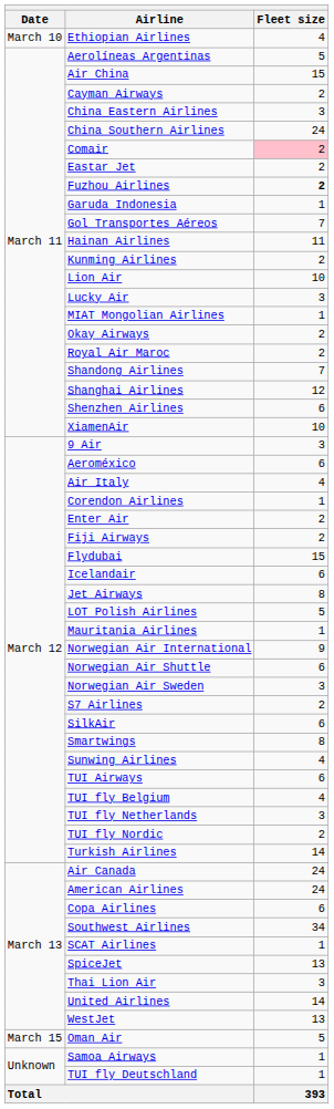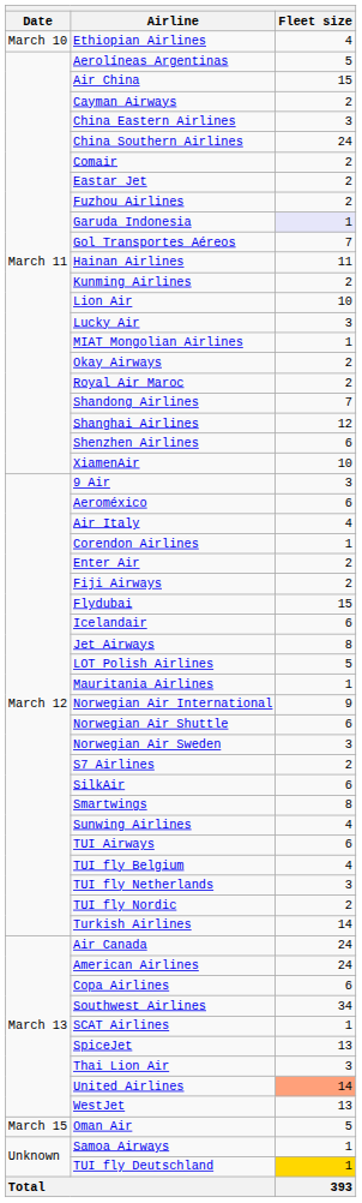 <table class="wikitable sortable collapsible">
 <tr>
 <th colspan=3></th>
 </tr>
 <tr>
 <th>Date</th>
 <th>Airline</th>
 <th>Fleet size</th>
 </tr>
 <tr>
 <td>March 10</td>
 <td style="text-align:left"><a href='#'>Ethiopian Airlines</a></td>
 <td align="right">4</td>
 </tr>
 <tr>
 <td rowspan=21>March 11</td>
 <td style="text-align:left"><a href='#'>Aerolíneas Argentinas</a></td>
 <td align="right">5</td>
 </tr>
 <tr>
 <td style="text-align:left"><a href='#'>Air China</a></td>
 <td align="right">15</td>
 </tr>
 <tr>
 <td style="text-align:left"><a href='#'>Cayman Airways</a></td>
 <td align="right">2</td>
 </tr>
 <tr>
 <td style="text-align:left"><a href='#'>China Eastern Airlines</a></td>
 <td align="right">3</td>
 </tr>
 <tr>
 <td style="text-align:left"><a href='#'>China Southern Airlines</a></td>
 <td align="right">24</td>
 </tr>
 <tr>
 <td style="text-align:left"><a href='#'>Comair</a></td>
-<td align="right" style="background: pink;">2</td>
+<td align="right">2</td>
 </tr>
 <tr>
 <td style="text-align:left"><a href='#'>Eastar Jet</a></td>
 <td align="right">2</td>
 </tr>
 <tr>
 <td style="text-align:left"><a href='#'>Fuzhou Airlines</a></td>
-<td align="right"><strong>2</strong></td>
+<td align="right">2</td>
 </tr>
 <tr>
 <td style="text-align:left"><a href='#'>Garuda Indonesia</a></td>
-<td align="right">1</td>
+<td align="right" style="background: lavender;">1</td>
 </tr>
 <tr>
 <td style="text-align:left"><a href='#'>Gol Transportes Aéreos</a></td>
 <td align="right">7</td>
 </tr>
 <tr>
 <td style="text-align:left"><a href='#'>Hainan Airlines</a></td>
 <td align="right">11</td>
 </tr>
 <tr>
 <td style="text-align:left"><a href='#'>Kunming Airlines</a></td>
 <td align="right">2</td>
 </tr>
 <tr>
 <td style="text-align:left"><a href='#'>Lion Air</a></td>
 <td align="right">10</td>
 </tr>
 <tr>
 <td style="text-align:left"><a href='#'>Lucky Air</a></td>
 <td align="right">3</td>
 </tr>
 <tr>
 <td style="text-align:left"><a href='#'>MIAT Mongolian Airlines</a></td>
 <td align="right">1</td>
 </tr>
 <tr>
 <td style="text-align:left"><a href='#'>Okay Airways</a></td>
 <td align="right">2</td>
 </tr>
 <tr>
 <td style="text-align:left"><a href='#'>Royal Air Maroc</a></td>
 <td align="right">2</td>
 </tr>
 <tr>
 <td style="text-align:left"><a href='#'>Shandong Airlines</a></td>
 <td align="right">7</td>
 </tr>
 <tr>
 <td style="text-align:left"><a href='#'>Shanghai Airlines</a></td>
 <td align="right">12</td>
 </tr>
 <tr>
 <td style="text-align:left"><a href='#'>Shenzhen Airlines</a></td>
 <td align="right">6</td>
 </tr>
 <tr>
 <td style="text-align:left"><a href='#'>XiamenAir</a></td>
 <td align="right">10</td>
 </tr>
 <tr>
 <td rowspan=23>March 12</td>
 <td style="text-align:left"><a href='#'>9 Air</a></td>
 <td align="right">3</td>
 </tr>
 <tr>
 <td style="text-align:left"><a href='#'>Aeroméxico</a></td>
 <td align="right">6</td>
 </tr>
 <tr>
 <td style="text-align:left"><a href='#'>Air Italy</a></td>
 <td align="right">4</td>
 </tr>
 <tr>
 <td style="text-align:left"><a href='#'>Corendon Airlines</a></td>
 <td align="right">1</td>
 </tr>
 <tr>
 <td style="text-align:left"><a href='#'>Enter Air</a></td>
 <td align="right">2</td>
 </tr>
 <tr>
 <td style="text-align:left"><a href='#'>Fiji Airways</a></td>
 <td align="right">2</td>
 </tr>
 <tr>
 <td style="text-align:left"><a href='#'>Flydubai</a></td>
 <td align="right">15</td>
 </tr>
 <tr>
 <td style="text-align:left"><a href='#'>Icelandair</a></td>
 <td align="right">6</td>
 </tr>
 <tr>
 <td style="text-align:left"><a href='#'>Jet Airways</a></td>
 <td align="right">8</td>
 </tr>
 <tr>
 <td style="text-align:left"><a href='#'>LOT Polish Airlines</a></td>
 <td align="right">5</td>
 </tr>
 <tr>
 <td style="text-align:left"><a href='#'>Mauritania Airlines</a></td>
 <td align="right">1</td>
 </tr>
 <tr>
 <td style="text-align:left"><a href='#'>Norwegian Air International</a></td>
 <td align="right">9</td>
 </tr>
 <tr>
 <td style="text-align:left"><a href='#'>Norwegian Air Shuttle</a></td>
 <td align="right">6</td>
 </tr>
 <tr>
 <td style="text-align:left"><a href='#'>Norwegian Air Sweden</a></td>
 <td align="right">3</td>
 </tr>
 <tr>
 <td style="text-align:left"><a href='#'>S7 Airlines</a></td>
 <td align="right">2</td>
 </tr>
 <tr>
 <td style="text-align:left"><a href='#'>SilkAir</a></td>
 <td align="right">6</td>
 </tr>
 <tr>
 <td style="text-align:left"><a href='#'>Smartwings</a></td>
 <td align="right">8</td>
 </tr>
 <tr>
 <td style="text-align:left"><a href='#'>Sunwing Airlines</a></td>
 <td align="right">4</td>
 </tr>
 <tr>
 <td style="text-align:left"><a href='#'>TUI Airways</a></td>
 <td align="right">6</td>
 </tr>
 <tr>
 <td style="text-align:left"><a href='#'>TUI fly Belgium</a></td>
 <td align="right">4</td>
 </tr>
 <tr>
 <td style="text-align:left"><a href='#'>TUI fly Netherlands</a></td>
 <td align="right">3</td>
 </tr>
 <tr>
 <td style="text-align:left"><a href='#'>TUI fly Nordic</a></td>
 <td align="right">2</td>
 </tr>
 <tr>
 <td style="text-align:left"><a href='#'>Turkish Airlines</a></td>
 <td align="right">14</td>
 </tr>
 <tr>
 <td rowspan=9>March 13</td>
 <td style="text-align:left"><a href='#'>Air Canada</a></td>
 <td align="right">24</td>
 </tr>
 <tr>
 <td style="text-align:left"><a href='#'>American Airlines</a></td>
 <td align="right">24</td>
 </tr>
 <tr>
 <td style="text-align:left"><a href='#'>Copa Airlines</a></td>
 <td align="right">6</td>
 </tr>
 <tr>
 <td style="text-align:left"><a href='#'>Southwest Airlines</a></td>
 <td align="right">34</td>
 </tr>
 <tr>
 <td style="text-align:left"><a href='#'>SCAT Airlines</a></td>
 <td align="right">1</td>
 </tr>
 <tr>
 <td style="text-align:left"><a href='#'>SpiceJet</a></td>
 <td align="right">13</td>
 </tr>
 <tr>
 <td style="text-align:left"><a href='#'>Thai Lion Air</a></td>
 <td align="right">3</td>
 </tr>
 <tr>
 <td style="text-align:left"><a href='#'>United Airlines</a></td>
-<td align="right">14</td>
+<td align="right" style="background: lightsalmon;">14</td>
 </tr>
 <tr>
 <td style="text-align:left"><a href='#'>WestJet</a></td>
 <td align="right">13</td>
 </tr>
 <tr>
 <td>March 15</td>
 <td style="text-align:left"><a href='#'>Oman Air</a></td>
 <td align="right">5</td>
 </tr>
 <tr>
 <td rowspan=2>Unknown</td>
 <td style="text-align:left"><a href='#'>Samoa Airways</a></td>
 <td align="right">1</td>
 </tr>
 <tr>
 <td style="text-align:left"><a href='#'>TUI fly Deutschland</a></td>
-<td align="right">1</td>
+<td align="right" style="background: gold;">1</td>
 </tr>
 <tr>
 <th colspan=2 style="text-align: left">Total</th>
 <th style="text-align: right">393</th>
 </tr>
 </table>
